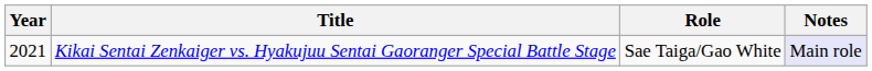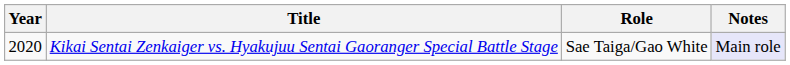 <table class="wikitable" style="font-size: 90%;">
 <tr>
 <th>Year</th>
 <th>Title</th>
 <th>Role</th>
 <th>Notes</th>
 </tr>
 <tr>
-<td>2021</td>
+<td>2020</td>
 <td><em><a href='#'>Kikai Sentai Zenkaiger vs. Hyakujuu Sentai Gaoranger Special Battle Stage</a></em></td>
 <td>Sae Taiga/Gao White</td>
 <td style="background: lavender;">Main role</td>
 </tr>
 </table>
